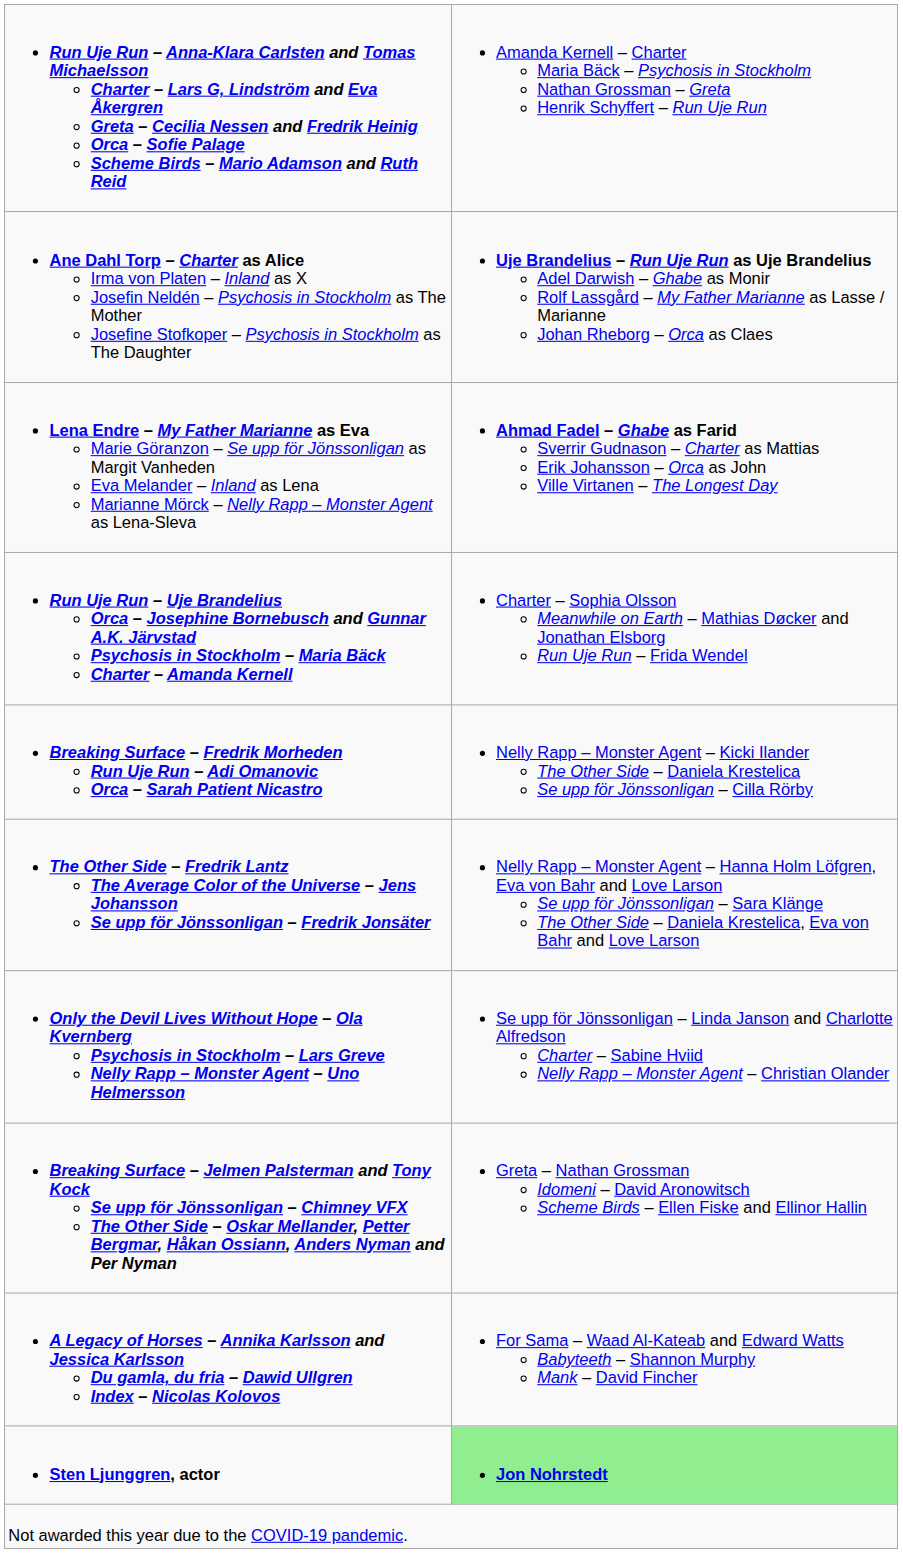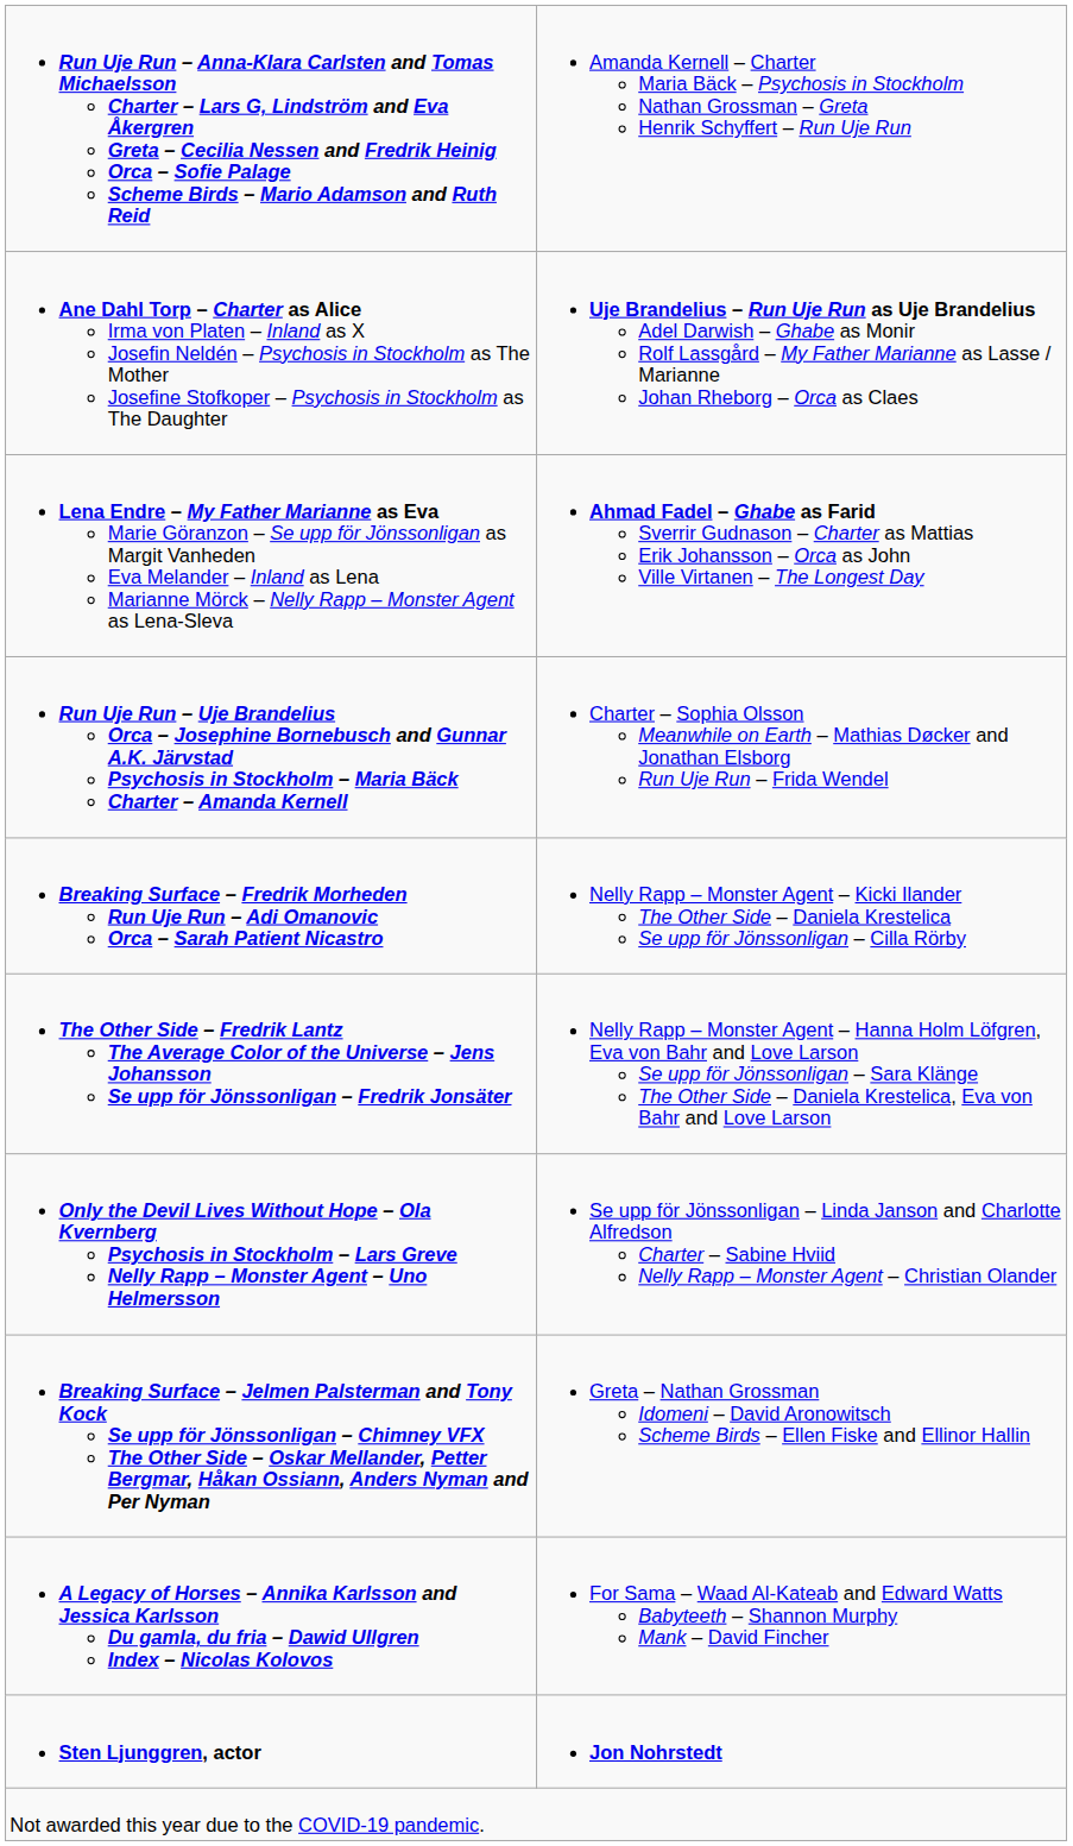 <table class="wikitable">
 <tr>
 <td style="width:50%" valign="top"><br><ul><li><strong><em><a href='#'>Run Uje Run</a><em> – <a href='#'>Anna-Klara Carlsten</a> and <a href='#'>Tomas Michaelsson</a><strong><ul><li></em><a href='#'>Charter</a><em> – <a href='#'>Lars G, Lindström</a> and <a href='#'>Eva Åkergren</a></li><li></em><a href='#'>Greta</a><em> – <a href='#'>Cecilia Nessen</a> and <a href='#'>Fredrik Heinig</a></li><li></em><a href='#'>Orca</a><em> – <a href='#'>Sofie Palage</a></li><li></em><a href='#'>Scheme Birds</a><em> – <a href='#'>Mario Adamson</a> and <a href='#'>Ruth Reid</a></li></ul></li></ul></td>
 <td style="width:50%" valign="top"><br><ul><li></strong><a href='#'>Amanda Kernell</a> – </em><a href='#'>Charter</a></em></strong><ul><li><a href='#'>Maria Bäck</a> – <em><a href='#'>Psychosis in Stockholm</a></em></li><li><a href='#'>Nathan Grossman</a> – <em><a href='#'>Greta</a></em></li><li><a href='#'>Henrik Schyffert</a> – <em><a href='#'>Run Uje Run</a></em></li></ul></li></ul></td>
 </tr>
 <tr>
 <td style="width:50%" valign="top"><br><ul><li><strong><a href='#'>Ane Dahl Torp</a> – <em><a href='#'>Charter</a></em> as Alice</strong><ul><li><a href='#'>Irma von Platen</a> – <em><a href='#'>Inland</a></em> as X</li><li><a href='#'>Josefin Neldén</a> – <em><a href='#'>Psychosis in Stockholm</a></em> as The Mother</li><li><a href='#'>Josefine Stofkoper</a> –  <em><a href='#'>Psychosis in Stockholm</a></em> as The Daughter</li></ul></li></ul></td>
 <td style="width:50%" valign="top"><br><ul><li><strong><a href='#'>Uje Brandelius</a> –  <em><a href='#'>Run Uje Run</a></em> as Uje Brandelius</strong><ul><li><a href='#'>Adel Darwish</a> – <em><a href='#'>Ghabe</a></em> as Monir</li><li><a href='#'>Rolf Lassgård</a> – <em><a href='#'>My Father Marianne</a></em> as Lasse / Marianne</li><li><a href='#'>Johan Rheborg</a> – <em><a href='#'>Orca</a></em> as Claes</li></ul></li></ul></td>
 </tr>
 <tr>
 <td style="width:50%" valign="top"><br><ul><li><strong><a href='#'>Lena Endre</a> – <em><a href='#'>My Father Marianne</a></em> as Eva</strong><ul><li><a href='#'>Marie Göranzon</a> – <em><a href='#'>Se upp för Jönssonligan</a></em> as Margit Vanheden</li><li><a href='#'>Eva Melander</a> – <em><a href='#'>Inland</a></em> as Lena</li><li><a href='#'>Marianne Mörck</a> – <em><a href='#'>Nelly Rapp – Monster Agent</a></em> as Lena-Sleva</li></ul></li></ul></td>
 <td style="width:50%" valign="top"><br><ul><li><strong><a href='#'>Ahmad Fadel</a> – <em><a href='#'>Ghabe</a></em> as Farid</strong><ul><li><a href='#'>Sverrir Gudnason</a> – <em><a href='#'>Charter</a></em> as Mattias</li><li><a href='#'>Erik Johansson</a> – <em><a href='#'>Orca</a></em> as John</li><li><a href='#'>Ville Virtanen</a> – <em><a href='#'>The Longest Day</a></em></li></ul></li></ul></td>
 </tr>
 <tr>
 <td style="width:50%" valign="top"><br><ul><li><strong><em><a href='#'>Run Uje Run</a><em> – <a href='#'>Uje Brandelius</a><strong><ul><li></em><a href='#'>Orca</a><em> – <a href='#'>Josephine Bornebusch</a> and <a href='#'>Gunnar A.K. Järvstad</a></li><li></em><a href='#'>Psychosis in Stockholm</a><em> – <a href='#'>Maria Bäck</a></li><li></em><a href='#'>Charter</a><em> – <a href='#'>Amanda Kernell</a></li></ul></li></ul></td>
 <td style="width:50%" valign="top"><br><ul><li></em></strong><a href='#'>Charter</a></em> – <a href='#'>Sophia Olsson</a></strong><ul><li><em><a href='#'>Meanwhile on Earth</a></em> – <a href='#'>Mathias Døcker</a> and <a href='#'>Jonathan Elsborg</a></li><li><em><a href='#'>Run Uje Run</a></em> – <a href='#'>Frida Wendel</a></li></ul></li></ul></td>
 </tr>
 <tr>
 <td style="width:50%" valign="top"><br><ul><li><strong><em><a href='#'>Breaking Surface</a><em> – <a href='#'>Fredrik Morheden</a><strong><ul><li></em><a href='#'>Run Uje Run</a><em> – <a href='#'>Adi Omanovic</a></li><li></em><a href='#'>Orca</a><em> – <a href='#'>Sarah Patient Nicastro</a></li></ul></li></ul></td>
 <td style="width:50%" valign="top"><br><ul><li></em></strong><a href='#'>Nelly Rapp – Monster Agent</a></em> – <a href='#'>Kicki Ilander</a></strong><ul><li><em><a href='#'>The Other Side</a></em> – <a href='#'>Daniela Krestelica</a></li><li><em><a href='#'>Se upp för Jönssonligan</a></em> – <a href='#'>Cilla Rörby</a></li></ul></li></ul></td>
 </tr>
 <tr>
 <td style="width:50%" valign="top"><br><ul><li><strong><em><a href='#'>The Other Side</a><em> – <a href='#'>Fredrik Lantz</a><strong><ul><li></em><a href='#'>The Average Color of the Universe</a><em> – <a href='#'>Jens Johansson</a></li><li></em><a href='#'>Se upp för Jönssonligan</a><em> – <a href='#'>Fredrik Jonsäter</a></li></ul></li></ul></td>
 <td style="width:50%" valign="top"><br><ul><li></em></strong><a href='#'>Nelly Rapp – Monster Agent</a></em> – <a href='#'>Hanna Holm Löfgren</a>, <a href='#'>Eva von Bahr</a> and <a href='#'>Love Larson</a></strong><ul><li><em><a href='#'>Se upp för Jönssonligan</a></em> – <a href='#'>Sara Klänge</a></li><li><em><a href='#'>The Other Side</a></em> – <a href='#'>Daniela Krestelica</a>, <a href='#'>Eva von Bahr</a> and <a href='#'>Love Larson</a></li></ul></li></ul></td>
 </tr>
 <tr>
 <td style="width:50%" valign="top"><br><ul><li><strong><em><a href='#'>Only the Devil Lives Without Hope</a><em> – <a href='#'>Ola Kvernberg</a><strong><ul><li></em><a href='#'>Psychosis in Stockholm</a><em> – <a href='#'>Lars Greve</a></li><li></em><a href='#'>Nelly Rapp – Monster Agent</a><em> – <a href='#'>Uno Helmersson</a></li></ul></li></ul></td>
 <td style="width:50%" valign="top"><br><ul><li></em></strong><a href='#'>Se upp för Jönssonligan</a></em> – <a href='#'>Linda Janson</a> and <a href='#'>Charlotte Alfredson</a></strong><ul><li><em><a href='#'>Charter</a></em> – <a href='#'>Sabine Hviid</a></li><li><em><a href='#'>Nelly Rapp – Monster Agent</a></em> – <a href='#'>Christian Olander</a></li></ul></li></ul></td>
 </tr>
 <tr>
 <td style="width:50%" valign="top"><br><ul><li><strong><em><a href='#'>Breaking Surface</a><em> – <a href='#'>Jelmen Palsterman</a> and <a href='#'>Tony Kock</a><strong><ul><li></em><a href='#'>Se upp för Jönssonligan</a><em> – <a href='#'>Chimney VFX</a></li><li></em><a href='#'>The Other Side</a><em> – <a href='#'>Oskar Mellander</a>, <a href='#'>Petter Bergmar</a>, <a href='#'>Håkan Ossiann</a>, <a href='#'>Anders Nyman</a> and Per Nyman</li></ul></li></ul></td>
 <td style="width:50%" valign="top"><br><ul><li></em></strong><a href='#'>Greta</a></em> – <a href='#'>Nathan Grossman</a></strong><ul><li><em><a href='#'>Idomeni</a></em> – <a href='#'>David Aronowitsch</a></li><li><em><a href='#'>Scheme Birds</a></em> – <a href='#'>Ellen Fiske</a> and <a href='#'>Ellinor Hallin</a></li></ul></li></ul></td>
 </tr>
 <tr>
 <td style="width:50%" valign="top"><br><ul><li><strong><em><a href='#'>A Legacy of Horses</a><em> – <a href='#'>Annika Karlsson</a> and <a href='#'>Jessica Karlsson</a><strong><ul><li></em><a href='#'>Du gamla, du fria</a><em> – <a href='#'>Dawid Ullgren</a></li><li></em><a href='#'>Index</a><em> – <a href='#'>Nicolas Kolovos</a></li></ul></li></ul></td>
 <td style="width:50%" valign="top"><br><ul><li></em></strong><a href='#'>For Sama</a></em> – <a href='#'>Waad Al-Kateab</a> and <a href='#'>Edward Watts</a></strong><ul><li><em><a href='#'>Babyteeth</a></em> – <a href='#'>Shannon Murphy</a></li><li><em><a href='#'>Mank</a></em> – <a href='#'>David Fincher</a></li></ul></li></ul></td>
 </tr>
 <tr>
 <td style="width:50%" valign="top"><br><ul><li><strong><a href='#'>Sten Ljunggren</a>, actor</strong></li></ul></td>
-<td style="background: lightgreen; width:50%" valign="top"><br><ul><li><strong><a href='#'>Jon Nohrstedt</a></strong></li></ul></td>
+<td style="width:50%" valign="top"><br><ul><li><strong><a href='#'>Jon Nohrstedt</a></strong></li></ul></td>
 </tr>
 <tr>
 <td style="width:50%" valign="top" colspan="2"><br>Not awarded this year due to the <a href='#'>COVID-19 pandemic</a>.</td>
 </tr>
 </table>
